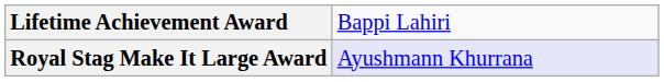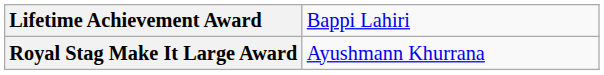 <table class="wikitable">
 <tr>
 <th style="text-align: left; width:50%;">Lifetime Achievement Award</th>
 <td><a href='#'>Bappi Lahiri</a></td>
 </tr>
 <tr>
 <th style="text-align: left;">Royal Stag Make It Large Award</th>
-<td style="background: lavender;"><a href='#'>Ayushmann Khurrana</a></td>
+<td><a href='#'>Ayushmann Khurrana</a></td>
 </tr>
 </table>
